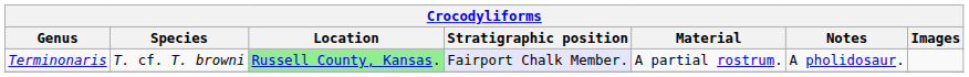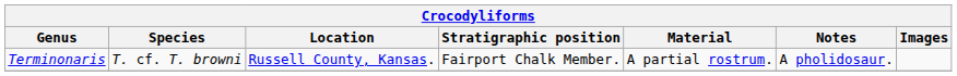 <table class="wikitable" align="center">
 <tr>
 <th colspan="7" align="center"><strong><a href='#'>Crocodyliforms</a></strong></th>
 </tr>
 <tr>
 <th>Genus</th>
 <th>Species</th>
 <th>Location</th>
 <th><strong>Stratigraphic position</strong></th>
 <th><strong>Material</strong></th>
 <th>Notes</th>
 <th>Images</th>
 </tr>
 <tr>
 <td><em><a href='#'>Terminonaris</a></em></td>
 <td><em>T.</em> cf. <em>T. browni</em></td>
-<td style="background: lightgreen;"><a href='#'>Russell County, Kansas</a>.</td>
-<td style="background: lavender;">Fairport Chalk Member.</td>
+<td><a href='#'>Russell County, Kansas</a>.</td>
+<td>Fairport Chalk Member.</td>
 <td>A partial <a href='#'>rostrum</a>.</td>
 <td>A <a href='#'>pholidosaur</a>.</td>
 <td></td>
 </tr>
 <tr>
 </tr>
 </table>
